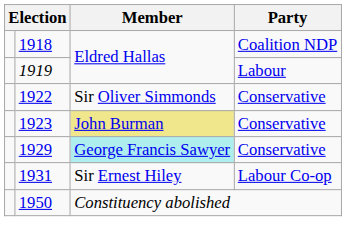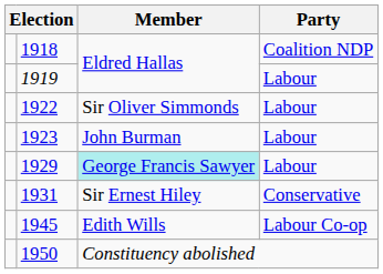 <table class="wikitable">
 <tr>
 <th colspan="2">Election</th>
 <th>Member</th>
 <th>Party</th>
 </tr>
 <tr>
 <td style="color:inherit;background-color: "></td>
 <td><a href='#'>1918</a></td>
 <td rowspan="2"><a href='#'>Eldred Hallas</a></td>
 <td><a href='#'>Coalition NDP</a></td>
 </tr>
 <tr>
 <td style="color:inherit;background-color: "></td>
 <td><em>1919</em></td>
 <td><a href='#'>Labour</a></td>
 </tr>
 <tr>
 <td style="color:inherit;background-color: "></td>
 <td><a href='#'>1922</a></td>
 <td>Sir <a href='#'>Oliver Simmonds</a></td>
-<td><a href='#'>Conservative</a></td>
+<td><a href='#'>Labour</a></td>
 </tr>
 <tr>
 <td style="color:inherit;background-color: "></td>
 <td><a href='#'>1923</a></td>
-<td style="background: khaki;"><a href='#'>John Burman</a></td>
-<td><a href='#'>Conservative</a></td>
+<td><a href='#'>John Burman</a></td>
+<td><a href='#'>Labour</a></td>
 </tr>
 <tr>
 <td style="color:inherit;background-color: "></td>
 <td><a href='#'>1929</a></td>
 <td style="background: paleturquoise;"><a href='#'>George Francis Sawyer</a></td>
-<td><a href='#'>Conservative</a></td>
+<td><a href='#'>Labour</a></td>
 </tr>
 <tr>
 <td style="color:inherit;background-color: "></td>
 <td><a href='#'>1931</a></td>
 <td>Sir <a href='#'>Ernest Hiley</a></td>
+<td><a href='#'>Conservative</a></td>
+</tr>
+<tr>
+<td style="color:inherit;background-color: "></td>
+<td><a href='#'>1945</a></td>
+<td><a href='#'>Edith Wills</a></td>
 <td><a href='#'>Labour Co-op</a></td>
 </tr>
 <tr>
 <td></td>
 <td><a href='#'>1950</a></td>
 <td colspan="2"><em>Constituency abolished</em></td>
 </tr>
 </table>
